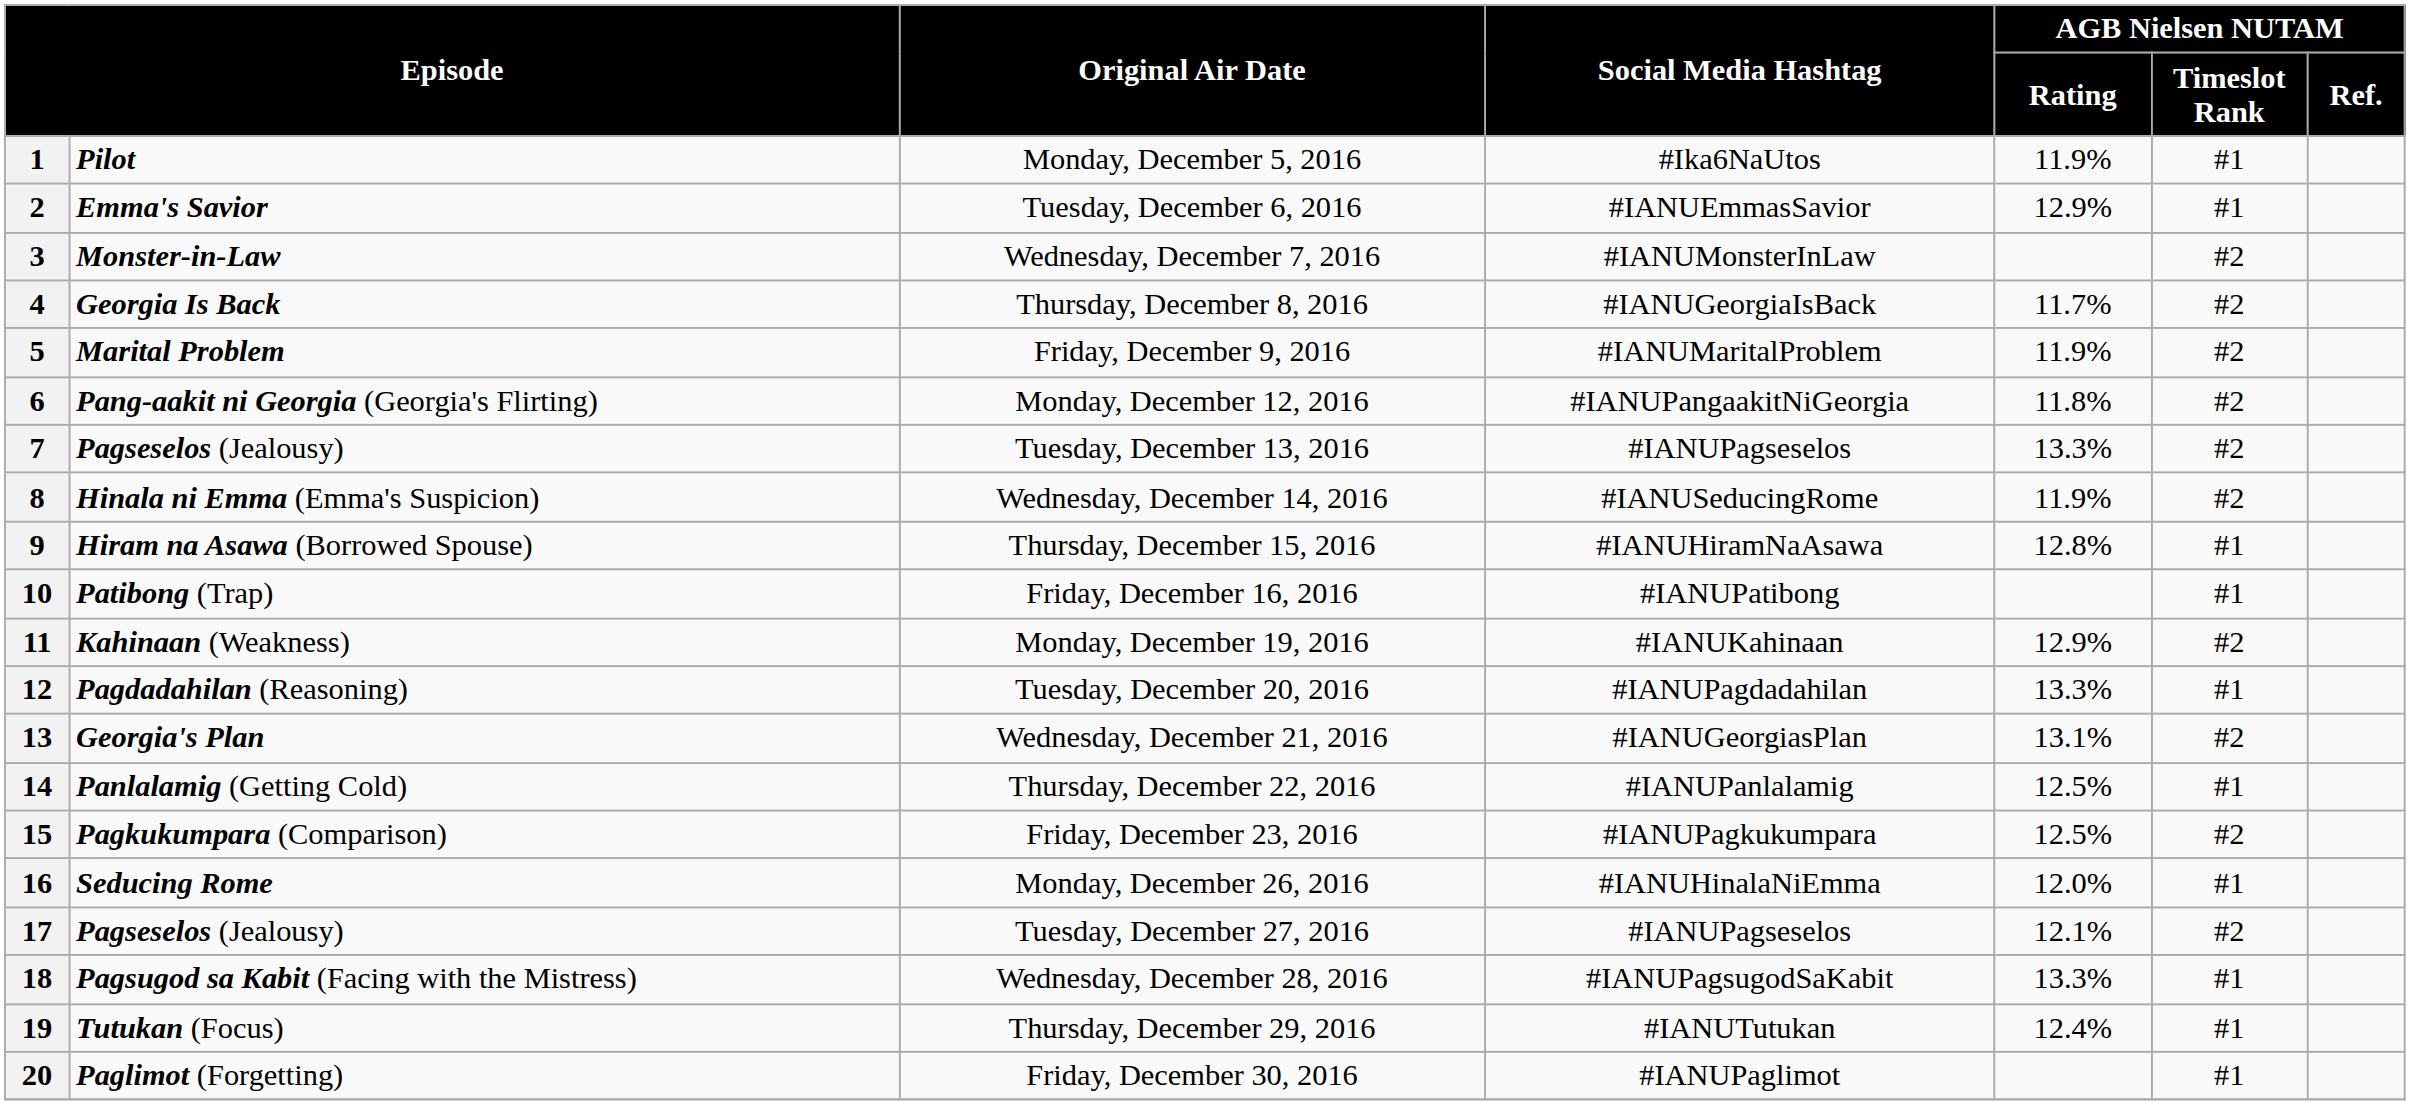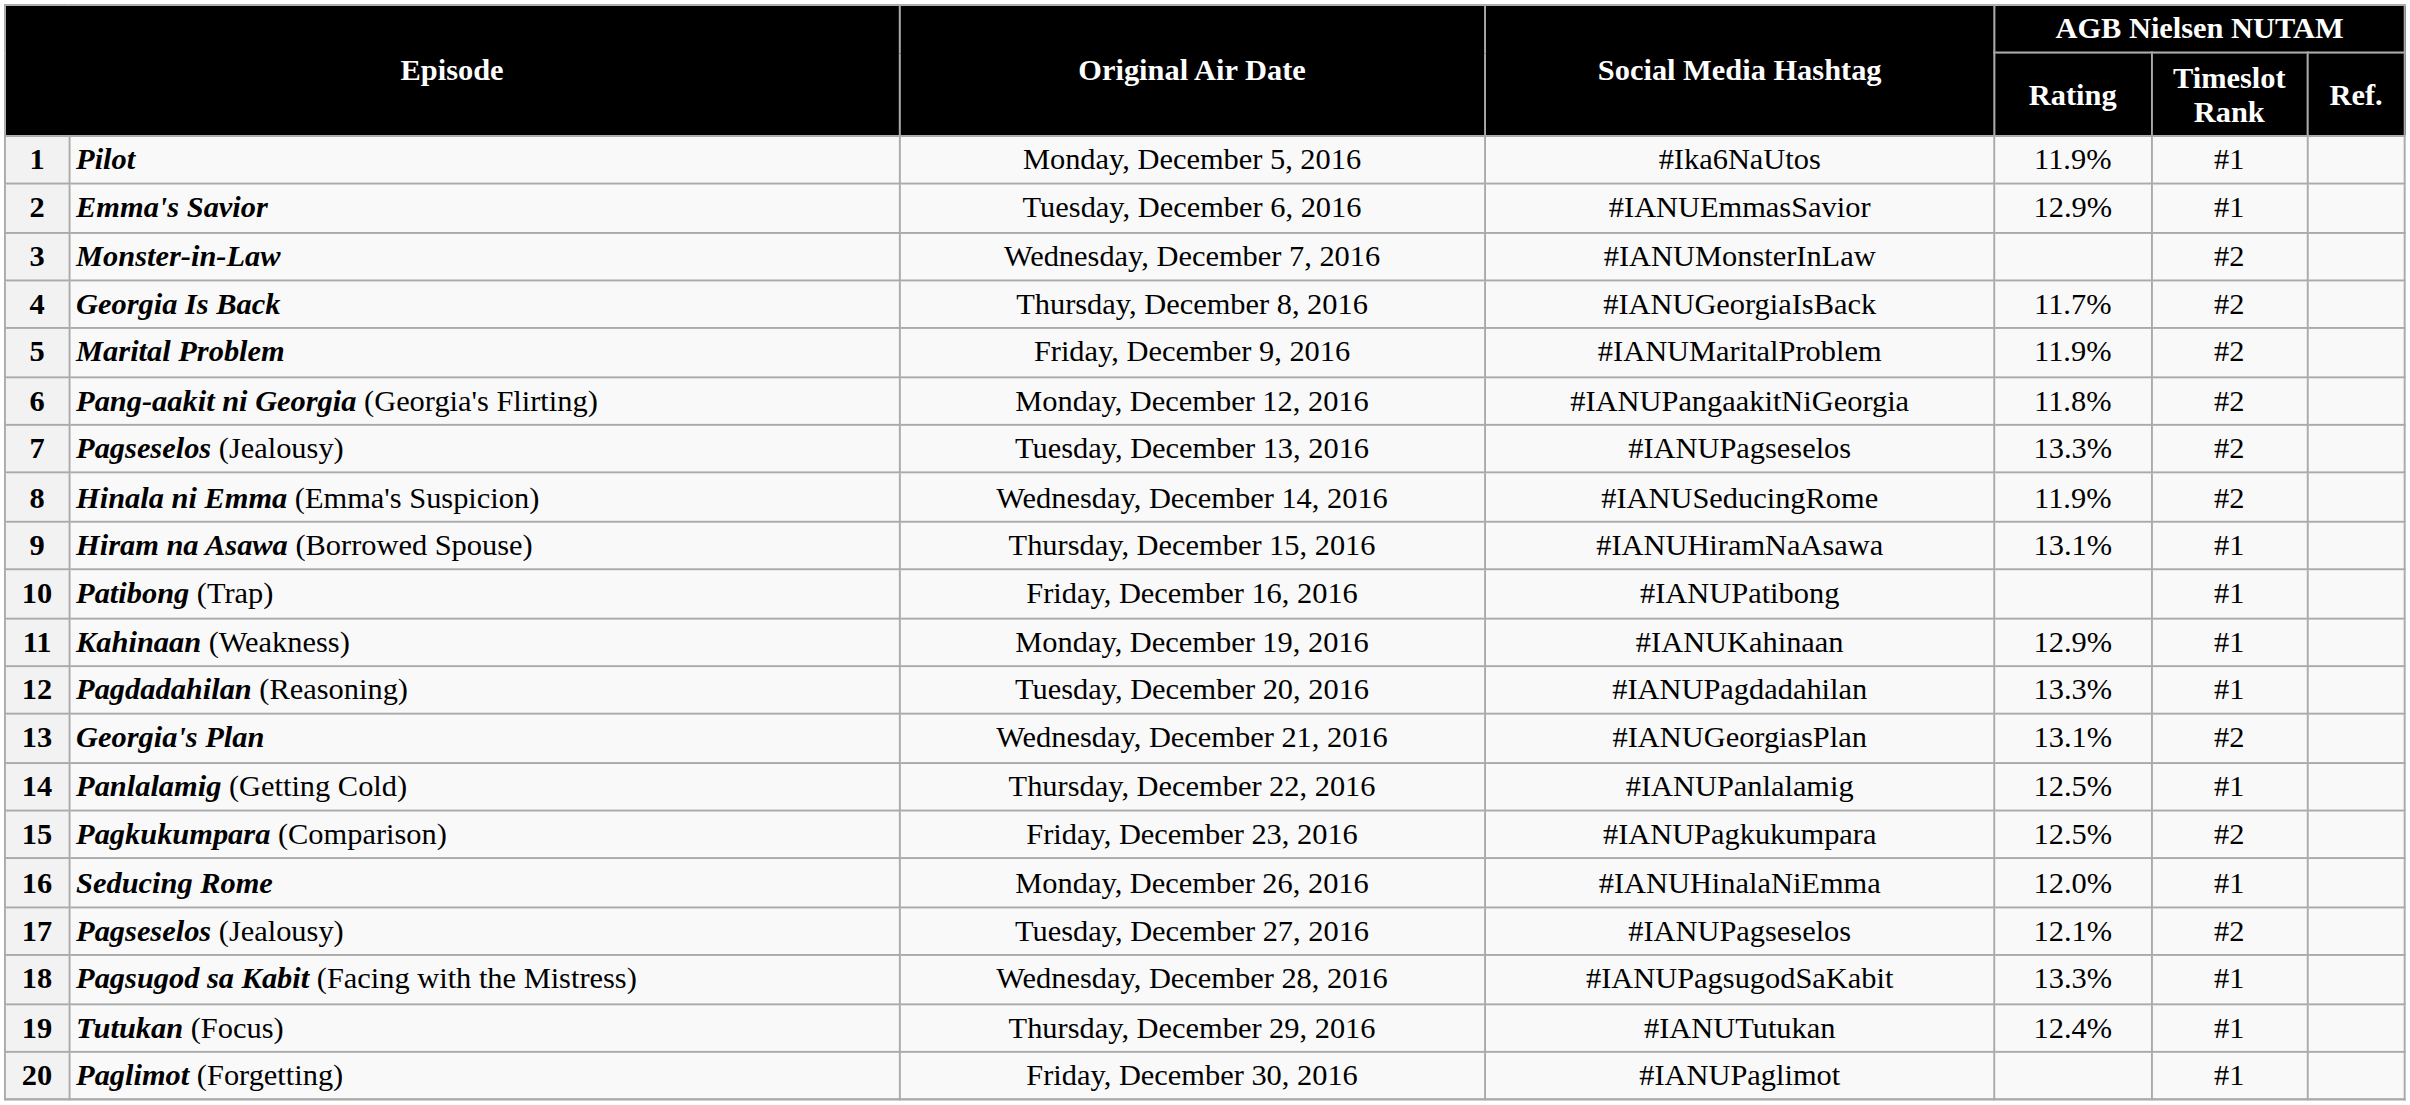 <table class="wikitable" style="text-align:center; font-size:100%; line-height:18px;"  width="100%">
 <tr>
 <th colspan="2" rowspan="2" style="background-color:#000000; color:#ffffff;">Episode</th>
 <th style="background:#000000; color:white" rowspan="2">Original Air Date</th>
 <th style="background-color:#000000; color:white" rowspan="2">Social Media Hashtag</th>
 <th style="background-color:#000000; color:#ffffff;" colspan="3">AGB Nielsen NUTAM</th>
 </tr>
 <tr>
 <th style="background-color:#000000; width:75px; color:#ffffff;">Rating</th>
 <th style="background-color:#000000; width:75px; color:#ffffff;">Timeslot<br>Rank</th>
 <th style="background-color:#000000; color:#ffffff;">Ref.</th>
 </tr>
 <tr>
 <th>1</th>
 <td style="text-align: left;"><strong><em>Pilot</em></strong></td>
 <td>Monday, December 5, 2016</td>
 <td>#Ika6NaUtos</td>
 <td>11.9%</td>
 <td>#1</td>
 <td></td>
 </tr>
 <tr>
 <th>2</th>
 <td style="text-align: left;"><strong><em>Emma's Savior</em></strong></td>
 <td>Tuesday, December 6, 2016</td>
 <td>#IANUEmmasSavior</td>
 <td>12.9%</td>
 <td>#1</td>
 <td></td>
 </tr>
 <tr>
 <th>3</th>
 <td style="text-align: left;"><strong><em>Monster-in-Law</em></strong></td>
 <td>Wednesday, December 7, 2016</td>
 <td>#IANUMonsterInLaw</td>
 <td></td>
 <td>#2</td>
 <td></td>
 </tr>
 <tr>
 <th>4</th>
 <td style="text-align: left;"><strong><em>Georgia Is Back</em></strong></td>
 <td>Thursday, December 8, 2016</td>
 <td>#IANUGeorgiaIsBack</td>
 <td>11.7%</td>
 <td>#2</td>
 <td></td>
 </tr>
 <tr>
 <th>5</th>
 <td style="text-align: left;"><strong><em>Marital Problem</em></strong></td>
 <td>Friday, December 9, 2016</td>
 <td>#IANUMaritalProblem</td>
 <td>11.9%</td>
 <td>#2</td>
 <td></td>
 </tr>
 <tr>
 <th>6</th>
 <td style="text-align: left;"><strong><em>Pang-aakit ni Georgia</em></strong> (Georgia's Flirting)</td>
 <td>Monday, December 12, 2016</td>
 <td>#IANUPangaakitNiGeorgia</td>
 <td>11.8%</td>
 <td>#2</td>
 <td></td>
 </tr>
 <tr>
 <th>7</th>
 <td style="text-align: left;"><strong><em>Pagseselos</em></strong> (Jealousy)</td>
 <td>Tuesday, December 13, 2016</td>
 <td>#IANUPagseselos</td>
 <td>13.3%</td>
 <td>#2</td>
 <td></td>
 </tr>
 <tr>
 <th>8</th>
 <td style="text-align: left;"><strong><em>Hinala ni Emma</em></strong> (Emma's Suspicion)</td>
 <td>Wednesday, December 14, 2016</td>
 <td>#IANUSeducingRome</td>
 <td>11.9%</td>
 <td>#2</td>
 <td></td>
 </tr>
 <tr>
 <th>9</th>
 <td style="text-align: left;"><strong><em>Hiram na Asawa</em></strong> (Borrowed Spouse)</td>
 <td>Thursday, December 15, 2016</td>
 <td>#IANUHiramNaAsawa</td>
-<td>12.8%</td>
+<td>13.1%</td>
 <td>#1</td>
 <td></td>
 </tr>
 <tr>
 <th>10</th>
 <td style="text-align: left;"><strong><em>Patibong</em></strong> (Trap)</td>
 <td>Friday, December 16, 2016</td>
 <td>#IANUPatibong</td>
 <td></td>
 <td>#1</td>
 <td></td>
 </tr>
 <tr>
 <th>11</th>
 <td style="text-align: left;"><strong><em>Kahinaan</em></strong> (Weakness)</td>
 <td>Monday, December 19, 2016</td>
 <td>#IANUKahinaan</td>
 <td>12.9%</td>
-<td>#2</td>
+<td>#1</td>
 <td></td>
 </tr>
 <tr>
 <th>12</th>
 <td style="text-align: left;"><strong><em>Pagdadahilan</em></strong> (Reasoning)</td>
 <td>Tuesday, December 20, 2016</td>
 <td>#IANUPagdadahilan</td>
 <td>13.3%</td>
 <td>#1</td>
 <td></td>
 </tr>
 <tr>
 <th>13</th>
 <td style="text-align: left;"><strong><em>Georgia's Plan</em></strong></td>
 <td>Wednesday, December 21, 2016</td>
 <td>#IANUGeorgiasPlan</td>
 <td>13.1%</td>
 <td>#2</td>
 <td></td>
 </tr>
 <tr>
 <th>14</th>
 <td style="text-align: left;"><strong><em>Panlalamig</em></strong> (Getting Cold)</td>
 <td>Thursday, December 22, 2016</td>
 <td>#IANUPanlalamig</td>
 <td>12.5%</td>
 <td>#1</td>
 <td></td>
 </tr>
 <tr>
 <th>15</th>
 <td style="text-align: left;"><strong><em>Pagkukumpara</em></strong> (Comparison)</td>
 <td>Friday, December 23, 2016</td>
 <td>#IANUPagkukumpara</td>
 <td>12.5%</td>
 <td>#2</td>
 <td></td>
 </tr>
 <tr>
 <th>16</th>
 <td style="text-align: left;"><strong><em>Seducing Rome</em></strong></td>
 <td>Monday, December 26, 2016</td>
 <td>#IANUHinalaNiEmma</td>
 <td>12.0%</td>
 <td>#1</td>
 <td></td>
 </tr>
 <tr>
 <th>17</th>
 <td style="text-align: left;"><strong><em>Pagseselos</em></strong> (Jealousy)</td>
 <td>Tuesday, December 27, 2016</td>
 <td>#IANUPagseselos</td>
 <td>12.1%</td>
 <td>#2</td>
 <td></td>
 </tr>
 <tr>
 <th>18</th>
 <td style="text-align: left;"><strong><em>Pagsugod sa Kabit</em></strong> (Facing with the Mistress)</td>
 <td>Wednesday, December 28, 2016</td>
 <td>#IANUPagsugodSaKabit</td>
 <td>13.3%</td>
 <td>#1</td>
 <td></td>
 </tr>
 <tr>
 <th>19</th>
 <td style="text-align: left;"><strong><em>Tutukan</em></strong> (Focus)</td>
 <td>Thursday, December 29, 2016</td>
 <td>#IANUTutukan</td>
 <td>12.4%</td>
 <td>#1</td>
 <td></td>
 </tr>
 <tr>
 <th>20</th>
 <td style="text-align: left;"><strong><em>Paglimot</em></strong> (Forgetting)</td>
 <td>Friday, December 30, 2016</td>
 <td>#IANUPaglimot</td>
 <td></td>
 <td>#1</td>
 <td></td>
 </tr>
 <tr>
 </tr>
 </table>
